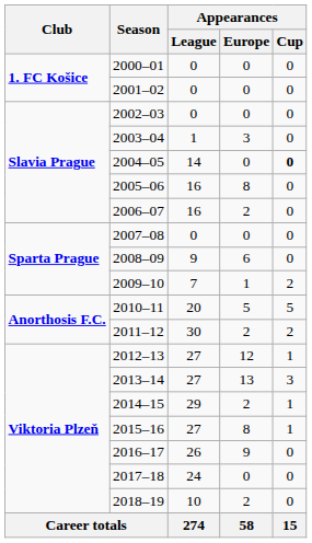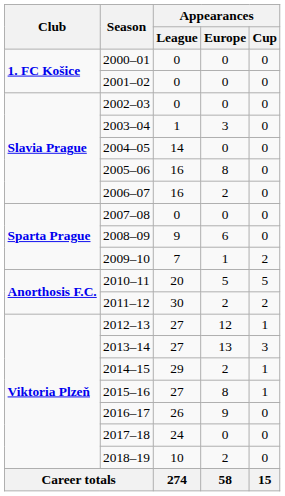 <table class="wikitable" style="font-size:90%; text-align: center;">
 <tr>
 <th rowspan="2">Club</th>
 <th rowspan="2">Season</th>
 <th colspan="3">Appearances</th>
 </tr>
 <tr>
 <th>League</th>
 <th>Europe</th>
 <th>Cup</th>
 </tr>
 <tr>
 <td rowspan="2" align=left><strong><a href='#'>1. FC Košice</a></strong></td>
 <td>2000–01</td>
 <td>0</td>
 <td>0</td>
 <td>0</td>
 </tr>
 <tr>
 <td>2001–02</td>
 <td>0</td>
 <td>0</td>
 <td>0</td>
 </tr>
 <tr>
 <td rowspan="5" align=left><strong><a href='#'>Slavia Prague</a></strong></td>
 <td>2002–03</td>
 <td>0</td>
 <td>0</td>
 <td>0</td>
 </tr>
 <tr>
 <td>2003–04</td>
 <td>1</td>
 <td>3</td>
 <td>0</td>
 </tr>
 <tr>
 <td>2004–05</td>
 <td>14</td>
 <td>0</td>
-<td><strong>0</strong></td>
+<td>0</td>
 </tr>
 <tr>
 <td>2005–06</td>
 <td>16</td>
 <td>8</td>
 <td>0</td>
 </tr>
 <tr>
 <td>2006–07</td>
 <td>16</td>
 <td>2</td>
 <td>0</td>
 </tr>
 <tr>
 <td rowspan="3" align=left><strong><a href='#'>Sparta Prague</a></strong></td>
 <td>2007–08</td>
 <td>0</td>
 <td>0</td>
 <td>0</td>
 </tr>
 <tr>
 <td>2008–09</td>
 <td>9</td>
 <td>6</td>
 <td>0</td>
 </tr>
 <tr>
 <td>2009–10</td>
 <td>7</td>
 <td>1</td>
 <td>2</td>
 </tr>
 <tr>
 <td rowspan="2" align=left><strong><a href='#'>Anorthosis F.C.</a></strong></td>
 <td>2010–11</td>
 <td>20</td>
 <td>5</td>
 <td>5</td>
 </tr>
 <tr>
 <td>2011–12</td>
 <td>30</td>
 <td>2</td>
 <td>2</td>
 </tr>
 <tr>
 <td rowspan="7" align=left><strong><a href='#'>Viktoria Plzeň</a></strong></td>
 <td>2012–13</td>
 <td>27</td>
 <td>12</td>
 <td>1</td>
 </tr>
 <tr>
 <td>2013–14</td>
 <td>27</td>
 <td>13</td>
 <td>3</td>
 </tr>
 <tr>
 <td>2014–15</td>
 <td>29</td>
 <td>2</td>
 <td>1</td>
 </tr>
 <tr>
 <td>2015–16</td>
 <td>27</td>
 <td>8</td>
 <td>1</td>
 </tr>
 <tr>
 <td>2016–17</td>
 <td>26</td>
 <td>9</td>
 <td>0</td>
 </tr>
 <tr>
 <td>2017–18</td>
 <td>24</td>
 <td>0</td>
 <td>0</td>
 </tr>
 <tr>
 <td>2018–19</td>
 <td>10</td>
 <td>2</td>
 <td>0</td>
 </tr>
 <tr>
 <th colspan="2">Career totals</th>
 <th>274</th>
 <th>58</th>
 <th>15</th>
 </tr>
 </table>
